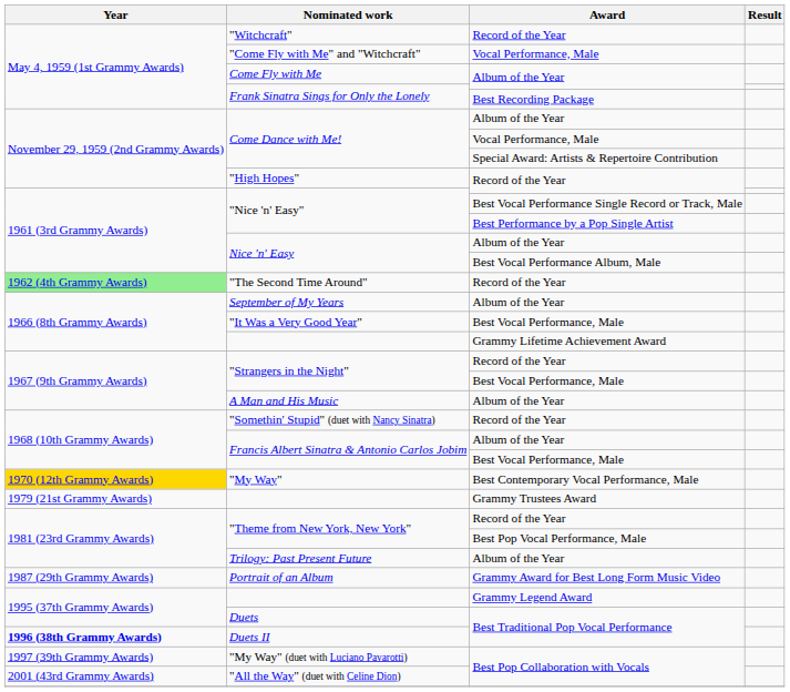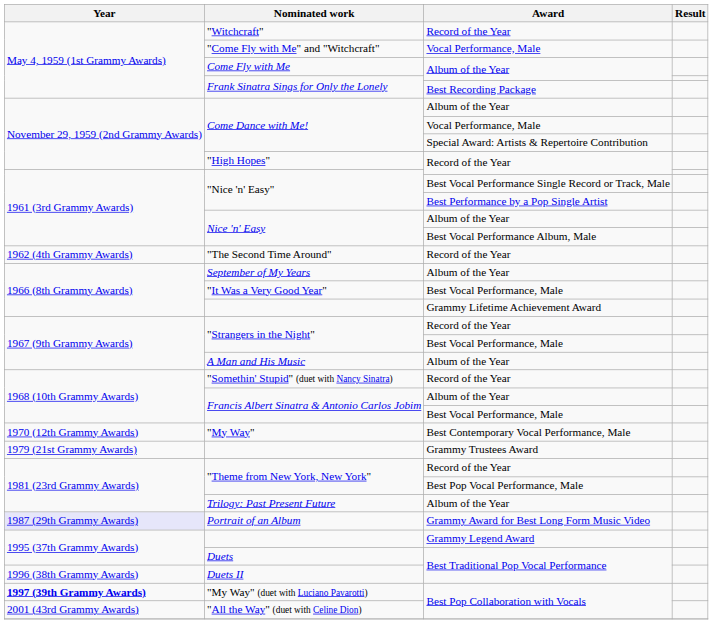 <table class="wikitable">
 <tr>
 <th>Year</th>
 <th>Nominated work</th>
 <th>Award</th>
 <th>Result</th>
 </tr>
 <tr>
 <td rowspan="5"><a href='#'>May 4, 1959 (1st Grammy Awards)</a></td>
 <td>"<a href='#'>Witchcraft</a>"</td>
 <td><a href='#'>Record of the Year</a></td>
 <td></td>
 </tr>
 <tr>
 <td>"<a href='#'>Come Fly with Me</a>" and "Witchcraft"</td>
 <td><a href='#'>Vocal Performance, Male</a></td>
 <td></td>
 </tr>
 <tr>
 <td><em><a href='#'>Come Fly with Me</a></em></td>
 <td rowspan="2"><a href='#'>Album of the Year</a></td>
 <td></td>
 </tr>
 <tr>
 <td rowspan="2"><em><a href='#'>Frank Sinatra Sings for Only the Lonely</a></em></td>
 <td></td>
 </tr>
 <tr>
 <td><a href='#'>Best Recording Package</a></td>
 <td></td>
 </tr>
 <tr>
 <td rowspan="4"><a href='#'>November 29, 1959 (2nd Grammy Awards)</a></td>
 <td rowspan="3"><em><a href='#'>Come Dance with Me!</a></em></td>
 <td>Album of the Year</td>
 <td></td>
 </tr>
 <tr>
 <td>Vocal Performance, Male</td>
 <td></td>
 </tr>
 <tr>
 <td>Special Award: Artists & Repertoire Contribution</td>
 <td></td>
 </tr>
 <tr>
 <td>"<a href='#'>High Hopes</a>"</td>
 <td rowspan="2">Record of the Year</td>
 <td></td>
 </tr>
 <tr>
 <td rowspan="5"><a href='#'>1961 (3rd Grammy Awards)</a></td>
 <td rowspan="3">"Nice 'n' Easy"</td>
 <td></td>
 </tr>
 <tr>
 <td>Best Vocal Performance Single Record or Track, Male</td>
 <td></td>
 </tr>
 <tr>
 <td><a href='#'>Best Performance by a Pop Single Artist</a></td>
 <td></td>
 </tr>
 <tr>
 <td rowspan="2"><em><a href='#'>Nice 'n' Easy</a></em></td>
 <td>Album of the Year</td>
 <td></td>
 </tr>
 <tr>
 <td>Best Vocal Performance Album, Male</td>
 <td></td>
 </tr>
 <tr>
-<td rowspan="1" style="background: lightgreen;"><a href='#'>1962 (4th Grammy Awards)</a></td>
+<td rowspan="1"><a href='#'>1962 (4th Grammy Awards)</a></td>
 <td>"The Second Time Around"</td>
 <td>Record of the Year</td>
 <td></td>
 </tr>
 <tr>
 <td rowspan="3"><a href='#'>1966 (8th Grammy Awards)</a></td>
 <td><em><a href='#'>September of My Years</a></em></td>
 <td>Album of the Year</td>
 <td></td>
 </tr>
 <tr>
 <td>"<a href='#'>It Was a Very Good Year</a>"</td>
 <td>Best Vocal Performance, Male</td>
 <td></td>
 </tr>
 <tr>
 <td></td>
 <td>Grammy Lifetime Achievement Award</td>
 <td></td>
 </tr>
 <tr>
 <td rowspan="3"><a href='#'>1967 (9th Grammy Awards)</a></td>
 <td rowspan="2">"<a href='#'>Strangers in the Night</a>"</td>
 <td>Record of the Year</td>
 <td></td>
 </tr>
 <tr>
 <td>Best Vocal Performance, Male</td>
 <td></td>
 </tr>
 <tr>
 <td><em><a href='#'>A Man and His Music</a></em></td>
 <td>Album of the Year</td>
 <td></td>
 </tr>
 <tr>
 <td rowspan="3"><a href='#'>1968 (10th Grammy Awards)</a></td>
 <td>"<a href='#'>Somethin' Stupid</a>" <small>(duet with <a href='#'>Nancy Sinatra</a>)</small></td>
 <td>Record of the Year</td>
 <td></td>
 </tr>
 <tr>
 <td rowspan="2"><em><a href='#'>Francis Albert Sinatra & Antonio Carlos Jobim</a></em></td>
 <td>Album of the Year</td>
 <td></td>
 </tr>
 <tr>
 <td>Best Vocal Performance, Male</td>
 <td></td>
 </tr>
 <tr>
-<td rowspan="1" style="background: gold;"><a href='#'>1970 (12th Grammy Awards)</a></td>
+<td rowspan="1"><a href='#'>1970 (12th Grammy Awards)</a></td>
 <td>"<a href='#'>My Way</a>"</td>
 <td>Best Contemporary Vocal Performance, Male</td>
 <td></td>
 </tr>
 <tr>
 <td rowspan="1"><a href='#'>1979 (21st Grammy Awards)</a></td>
 <td></td>
 <td>Grammy Trustees Award</td>
 <td></td>
 </tr>
 <tr>
 <td rowspan="3"><a href='#'>1981 (23rd Grammy Awards)</a></td>
 <td rowspan="2">"<a href='#'>Theme from New York, New York</a>"</td>
 <td>Record of the Year</td>
 <td></td>
 </tr>
 <tr>
 <td>Best Pop Vocal Performance, Male</td>
 <td></td>
 </tr>
 <tr>
 <td><em><a href='#'>Trilogy: Past Present Future</a></em></td>
 <td>Album of the Year</td>
 <td></td>
 </tr>
 <tr>
-<td rowspan="1"><a href='#'>1987 (29th Grammy Awards)</a></td>
+<td rowspan="1" style="background: lavender;"><a href='#'>1987 (29th Grammy Awards)</a></td>
 <td><em><a href='#'>Portrait of an Album</a></em></td>
 <td><a href='#'>Grammy Award for Best Long Form Music Video</a></td>
 <td></td>
 </tr>
 <tr>
 <td rowspan="2"><a href='#'>1995 (37th Grammy Awards)</a></td>
 <td></td>
 <td><a href='#'>Grammy Legend Award</a></td>
 <td></td>
 </tr>
 <tr>
 <td><em><a href='#'>Duets</a></em></td>
 <td rowspan="2"><a href='#'>Best Traditional Pop Vocal Performance</a></td>
 <td></td>
 </tr>
 <tr>
-<td rowspan="1"><strong><a href='#'>1996 (38th Grammy Awards)</a></strong></td>
+<td rowspan="1"><a href='#'>1996 (38th Grammy Awards)</a></td>
 <td><em><a href='#'>Duets II</a></em></td>
 <td></td>
 </tr>
 <tr>
-<td rowspan="1"><a href='#'>1997 (39th Grammy Awards)</a></td>
+<td rowspan="1"><strong><a href='#'>1997 (39th Grammy Awards)</a></strong></td>
 <td>"My Way" <small>(duet with <a href='#'>Luciano Pavarotti</a>)</small></td>
 <td rowspan="2"><a href='#'>Best Pop Collaboration with Vocals</a></td>
 <td></td>
 </tr>
 <tr>
 <td rowspan="1"><a href='#'>2001 (43rd Grammy Awards)</a></td>
 <td>"<a href='#'>All the Way</a>" <small>(duet with <a href='#'>Celine Dion</a>)</small></td>
 <td></td>
 </tr>
 <tr>
 </tr>
 </table>
